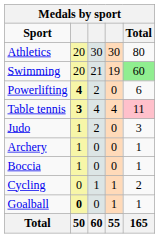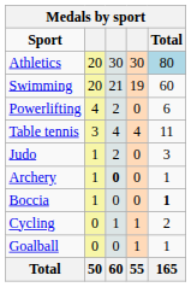 <table class="wikitable" border="1"  style="float:right">
 <tr>
 <th colspan=5><strong>Medals by sport</strong></th>
 </tr>
 <tr align=center>
 <td><strong>Sport</strong></td>
 <th bgcolor=#f7f6a8></th>
 <th bgcolor=#dce5e5></th>
 <th bgcolor=#ffdab9></th>
 <th><strong>Total</strong></th>
 </tr>
 <tr align=center>
 <td align=left><a href='#'>Athletics</a></td>
 <td bgcolor=#f7f6a8>20</td>
 <td bgcolor=#dce5e5>30</td>
 <td bgcolor=#ffdab9>30</td>
-<td>80</td>
+<td style="background: lightblue;">80</td>
 </tr>
 <tr align=center>
 <td align=left><a href='#'>Swimming</a></td>
 <td bgcolor=#f7f6a8>20</td>
 <td bgcolor=#dce5e5>21</td>
 <td bgcolor=#ffdab9>19</td>
-<td style="background: lightgreen;">60</td>
+<td>60</td>
 </tr>
 <tr align=center>
 <td align=left><a href='#'>Powerlifting</a></td>
-<td bgcolor=#f7f6a8><strong>4</strong></td>
+<td bgcolor=#f7f6a8>4</td>
 <td bgcolor=#dce5e5>2</td>
 <td bgcolor=#ffdab9>0</td>
 <td>6</td>
 </tr>
 <tr align=center>
 <td align=left><a href='#'>Table tennis</a></td>
-<td bgcolor=#f7f6a8><strong>3</strong></td>
+<td bgcolor=#f7f6a8>3</td>
 <td bgcolor=#dce5e5>4</td>
 <td bgcolor=#ffdab9>4</td>
-<td style="background: pink;">11</td>
+<td>11</td>
 </tr>
 <tr align=center>
 <td align=left><a href='#'>Judo</a></td>
 <td bgcolor=#f7f6a8>1</td>
 <td bgcolor=#dce5e5>2</td>
 <td bgcolor=#ffdab9>0</td>
 <td>3</td>
 </tr>
 <tr align=center>
 <td align=left><a href='#'>Archery</a></td>
 <td bgcolor=#f7f6a8>1</td>
-<td bgcolor=#dce5e5>0</td>
+<td bgcolor=#dce5e5><strong>0</strong></td>
 <td bgcolor=#ffdab9>0</td>
 <td>1</td>
 </tr>
 <tr align=center>
 <td align=left><a href='#'>Boccia</a></td>
 <td bgcolor=#f7f6a8>1</td>
 <td bgcolor=#dce5e5>0</td>
 <td bgcolor=#ffdab9>0</td>
-<td>1</td>
+<td><strong>1</strong></td>
 </tr>
 <tr align=center>
 <td align=left><a href='#'>Cycling</a></td>
 <td bgcolor=#f7f6a8>0</td>
 <td bgcolor=#dce5e5>1</td>
 <td bgcolor=#ffdab9>1</td>
 <td>2</td>
 </tr>
 <tr align=center>
 <td align=left><a href='#'>Goalball</a></td>
-<td bgcolor=#f7f6a8><strong>0</strong></td>
+<td bgcolor=#f7f6a8>0</td>
 <td bgcolor=#dce5e5>0</td>
 <td bgcolor=#ffdab9>1</td>
 <td>1</td>
 </tr>
 <tr align=center>
 <th bgcolor=#efefef><strong>Total</strong></th>
 <th bgcolor=#f7f6a8>50</th>
 <th bgcolor=#dce5e5>60</th>
 <th bgcolor=#ffdab9>55</th>
 <th>165</th>
 </tr>
 </table>
